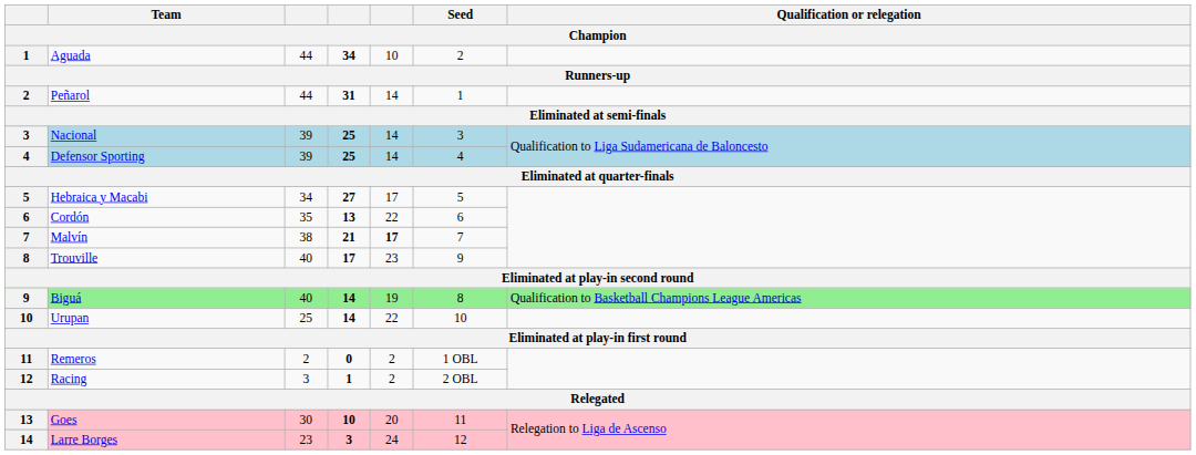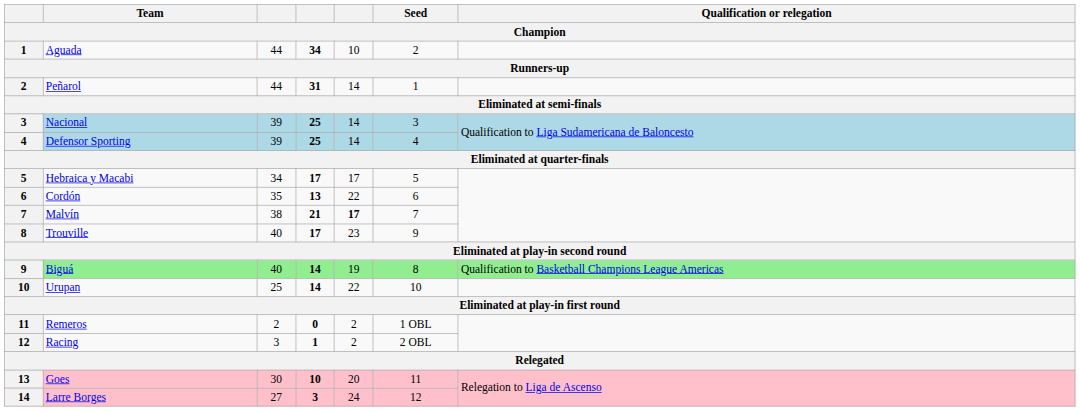 <table class="wikitable" width=75% style= align:center">
 <tr>
 <th></th>
 <th width:45%>Team</th>
 <th></th>
 <th></th>
 <th></th>
 <th>Seed</th>
 <th>Qualification or relegation</th>
 </tr>
 <tr>
 <th colspan="7">Champion</th>
 </tr>
 <tr>
 <th>1</th>
 <td><a href='#'>Aguada</a></td>
 <td align="center">44</td>
 <td align="center"><strong>34</strong></td>
 <td align="center">10</td>
 <td align="center">2</td>
 <td></td>
 </tr>
 <tr>
 <th colspan="7">Runners-up</th>
 </tr>
 <tr>
 <th>2</th>
 <td><a href='#'>Peñarol</a></td>
 <td align="center">44</td>
 <td align="center"><strong>31</strong></td>
 <td align="center">14</td>
 <td align="center">1</td>
 <td></td>
 </tr>
 <tr>
 <th colspan="7">Eliminated at semi-finals</th>
 </tr>
 <tr bgcolor="lightblue">
 <th>3</th>
 <td><a href='#'>Nacional</a></td>
 <td align="center">39</td>
 <td align="center"><strong>25</strong></td>
 <td align="center">14</td>
 <td align="center">3</td>
 <td rowspan=2>Qualification to <a href='#'>Liga Sudamericana de Baloncesto</a></td>
 </tr>
 <tr bgcolor="lightblue">
 <th>4</th>
 <td><a href='#'>Defensor Sporting</a></td>
 <td align="center">39</td>
 <td align="center"><strong>25</strong></td>
 <td align="center">14</td>
 <td align="center">4</td>
 </tr>
 <tr>
 <th colspan="7">Eliminated at quarter-finals</th>
 </tr>
 <tr>
 <th>5</th>
 <td><a href='#'>Hebraica y Macabi</a></td>
 <td align="center">34</td>
-<td align="center"><strong>27</strong></td>
+<td align="center"><strong>17</strong></td>
 <td align="center">17</td>
 <td align="center">5</td>
 <td rowspan="4"></td>
 </tr>
 <tr>
 <th>6</th>
 <td><a href='#'>Cordón</a></td>
 <td align="center">35</td>
 <td align="center"><strong>13</strong></td>
 <td align="center">22</td>
 <td align="center">6</td>
 </tr>
 <tr>
 <th>7</th>
 <td><a href='#'>Malvín</a></td>
 <td align="center">38</td>
 <td align="center"><strong>21</strong></td>
 <td align="center"><strong>17</strong></td>
 <td align="center">7</td>
 </tr>
 <tr>
 <th>8</th>
 <td><a href='#'>Trouville</a></td>
 <td align="center">40</td>
 <td align="center"><strong>17</strong></td>
 <td align="center">23</td>
 <td align="center">9</td>
 </tr>
 <tr>
 <th colspan="7">Eliminated at play-in second round</th>
 </tr>
 <tr bgcolor="lightgreen">
 <th>9</th>
 <td><a href='#'>Biguá</a></td>
 <td align="center">40</td>
 <td align="center"><strong>14</strong></td>
 <td align="center">19</td>
 <td align="center">8</td>
 <td>Qualification to <a href='#'>Basketball Champions League Americas</a></td>
 </tr>
 <tr>
 <th>10</th>
 <td><a href='#'>Urupan</a></td>
 <td align="center">25</td>
 <td align="center"><strong>14</strong></td>
 <td align="center">22</td>
 <td align="center">10</td>
 <td></td>
 </tr>
 <tr>
 <th colspan="7">Eliminated at play-in first round</th>
 </tr>
 <tr>
 <th>11</th>
 <td><a href='#'>Remeros</a></td>
 <td align="center">2</td>
 <td align="center"><strong>0</strong></td>
 <td align="center">2</td>
 <td align="center">1 OBL</td>
 <td rowspan="2"></td>
 </tr>
 <tr>
 <th>12</th>
 <td><a href='#'>Racing</a></td>
 <td align="center">3</td>
 <td align="center"><strong>1</strong></td>
 <td align="center">2</td>
 <td align="center">2 OBL</td>
 </tr>
 <tr>
 <th colspan="7">Relegated</th>
 </tr>
 <tr bgcolor="pink">
 <th>13</th>
 <td><a href='#'>Goes</a></td>
 <td align="center">30</td>
 <td align="center"><strong>10</strong></td>
 <td align="center">20</td>
 <td align="center">11</td>
 <td rowspan="2">Relegation to <a href='#'>Liga de Ascenso</a></td>
 </tr>
 <tr bgcolor="pink">
 <th>14</th>
 <td><a href='#'>Larre Borges</a></td>
-<td align="center">23</td>
+<td align="center">27</td>
 <td align="center"><strong>3</strong></td>
 <td align="center">24</td>
 <td align="center">12</td>
 </tr>
 </table>
